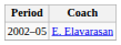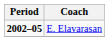 <table class="wikitable">
 <tr>
 <th>Period</th>
 <th>Coach</th>
 </tr>
 <tr>
-<td>2002–05</td>
+<td><strong>2002–05</strong></td>
 <td> <a href='#'>E. Elavarasan</a></td>
 </tr>
 <tr>
 </tr>
 </table>
